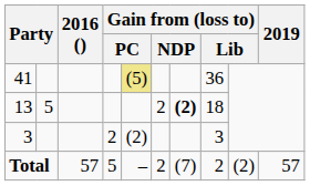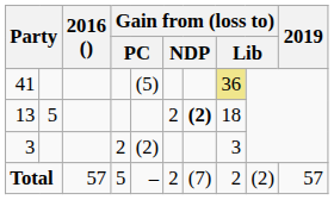 <table class="wikitable" style="text-align:right">
 <tr>
 <th rowspan="2" colspan="2">Party</th>
 <th rowspan="2" style="width:1em;">2016<br>()</th>
 <th colspan="6">Gain from (loss to)</th>
 <th rowspan="2" style="width:1em;">2019</th>
 </tr>
 <tr>
 <th colspan="2">PC</th>
 <th colspan="2">NDP</th>
 <th colspan="2">Lib</th>
 </tr>
 <tr>
 <td>41</td>
 <td></td>
 <td></td>
 <td></td>
-<td style="background: khaki;">(5)</td>
+<td>(5)</td>
 <td></td>
 <td></td>
-<td>36</td>
+<td style="background: khaki;">36</td>
 </tr>
 <tr>
 <td>13</td>
 <td>5</td>
 <td></td>
 <td></td>
 <td></td>
 <td>2</td>
 <td><strong>(2)</strong></td>
 <td>18</td>
 </tr>
 <tr>
 <td>3</td>
 <td></td>
 <td></td>
 <td>2</td>
 <td>(2)</td>
 <td></td>
 <td></td>
 <td>3</td>
 </tr>
 <tr>
 <td colspan="2" style="text-align:left;"><strong>Total</strong></td>
 <td>57</td>
 <td>5</td>
 <td>–</td>
 <td>2</td>
 <td>(7)</td>
 <td>2</td>
 <td>(2)</td>
 <td>57</td>
 </tr>
 </table>
